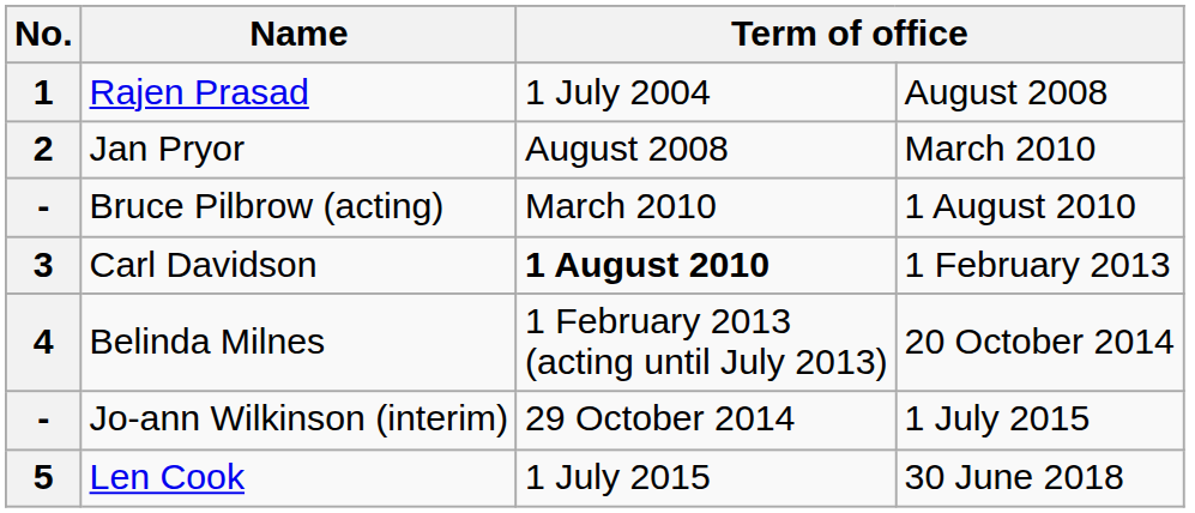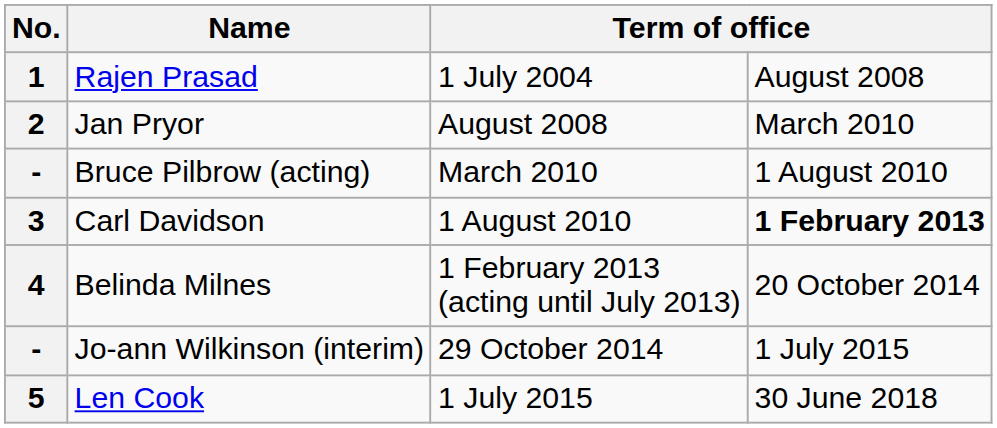 <table class="wikitable">
 <tr>
 <th>No.</th>
 <th>Name</th>
 <th colspan="2">Term of office</th>
 </tr>
 <tr>
 <th>1</th>
 <td><a href='#'>Rajen Prasad</a></td>
 <td>1 July 2004</td>
 <td>August 2008</td>
 </tr>
 <tr>
 <th>2</th>
 <td>Jan Pryor</td>
 <td>August 2008</td>
 <td>March 2010</td>
 </tr>
 <tr>
 <th>-</th>
 <td>Bruce Pilbrow (acting)</td>
 <td>March 2010</td>
 <td>1 August 2010</td>
 </tr>
 <tr>
 <th>3</th>
 <td>Carl Davidson</td>
-<td><strong>1 August 2010</strong></td>
-<td>1 February 2013</td>
+<td>1 August 2010</td>
+<td><strong>1 February 2013</strong></td>
 </tr>
 <tr>
 <th>4</th>
 <td>Belinda Milnes</td>
 <td>1 February 2013<br>(acting until July 2013)</td>
 <td>20 October 2014</td>
 </tr>
 <tr>
 <th>-</th>
 <td>Jo-ann Wilkinson (interim)</td>
 <td>29 October 2014</td>
 <td>1 July 2015</td>
 </tr>
 <tr>
 <th>5</th>
 <td><a href='#'>Len Cook</a></td>
 <td>1 July 2015</td>
 <td>30 June 2018</td>
 </tr>
 </table>
